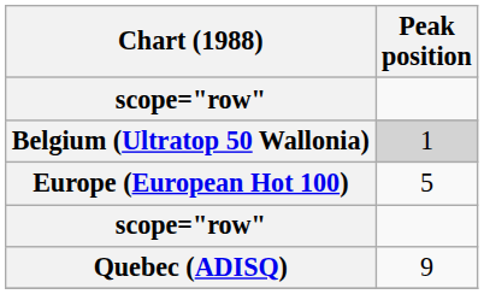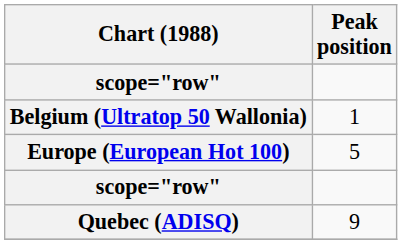 <table class="wikitable sortable plainrowheaders">
 <tr>
 <th>Chart (1988)</th>
 <th>Peak<br>position</th>
 </tr>
 <tr>
 <th>scope="row"</th>
 </tr>
 <tr>
 <th scope="row">Belgium (<a href='#'>Ultratop 50</a> Wallonia)</th>
-<td align="center" style="background: lightgrey;">1</td>
+<td align="center">1</td>
 </tr>
 <tr>
 <th scope="row">Europe (<a href='#'>European Hot 100</a>)</th>
 <td align="center">5</td>
 </tr>
 <tr>
 <th>scope="row"</th>
 </tr>
 <tr>
 <th scope="row">Quebec (<a href='#'>ADISQ</a>)</th>
 <td align="center">9</td>
 </tr>
 <tr>
 </tr>
 </table>
